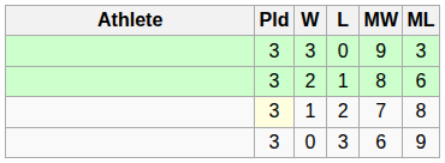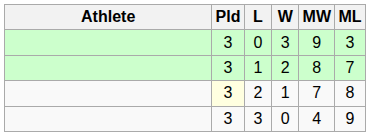 <table class="wikitable" style="text-align:center">
 <tr>
 <th width=200>Athlete</th>
 <th width=20>Pld</th>
+<th width=20>L</th>
 <th width=20>W</th>
-<th width=20>L</th>
 <th width=20>MW</th>
 <th width=20>ML</th>
 </tr>
 <tr bgcolor="ccffcc">
 <td style="text-align:left"></td>
 <td>3</td>
+<td>0</td>
 <td>3</td>
-<td>0</td>
 <td>9</td>
 <td>3</td>
 </tr>
 <tr bgcolor="ccffcc">
 <td style="text-align:left"></td>
 <td>3</td>
+<td>1</td>
 <td>2</td>
-<td>1</td>
 <td>8</td>
-<td>6</td>
+<td>7</td>
 </tr>
 <tr>
 <td style="text-align:left"></td>
 <td style="background: lightyellow;">3</td>
+<td>2</td>
 <td>1</td>
-<td>2</td>
 <td>7</td>
 <td>8</td>
 </tr>
 <tr>
 <td style="text-align:left"></td>
 <td>3</td>
+<td>3</td>
 <td>0</td>
-<td>3</td>
-<td>6</td>
+<td>4</td>
 <td>9</td>
 </tr>
 </table>
